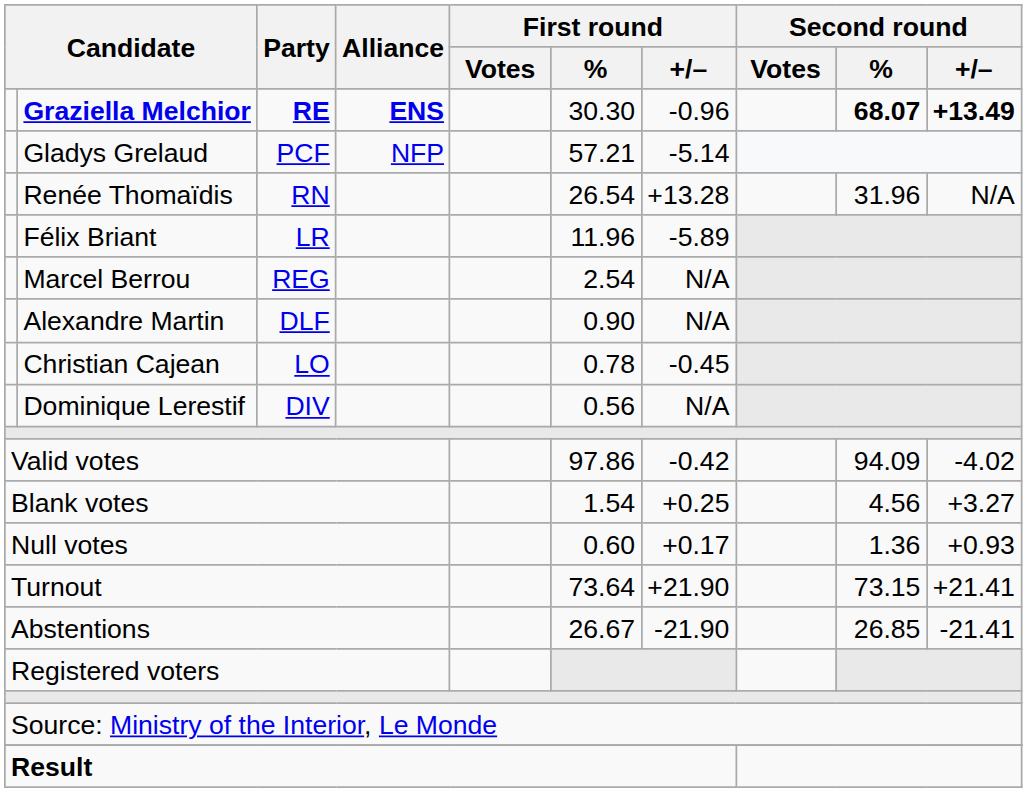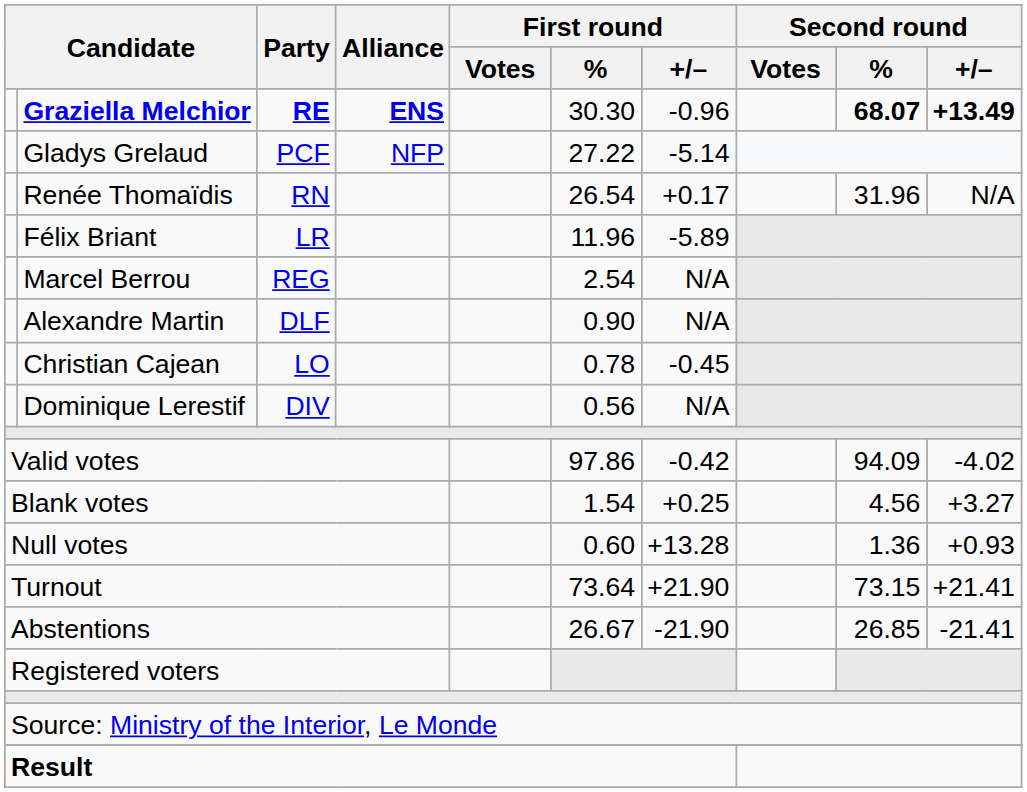 <table class="wikitable" style="text-align:right;font-size:95%;">
 <tr>
 <th rowspan="2" colspan="2">Candidate</th>
 <th rowspan="2">Party</th>
 <th rowspan="2">Alliance</th>
 <th colspan="3">First round</th>
 <th colspan="3">Second round</th>
 </tr>
 <tr>
 <th style="width:50px;">Votes</th>
 <th style="width:45px;">%</th>
 <th style="width:45px;">+/–</th>
 <th style="width:50px;">Votes</th>
 <th style="width:45px;">%</th>
 <th style="width:45px;">+/–</th>
 </tr>
 <tr>
 <td style="color:inherit;background:"></td>
 <td style="text-align:left;"><strong><a href='#'>Graziella Melchior</a></strong></td>
 <td><a href='#'><strong>RE</strong></a></td>
 <td><a href='#'><strong>ENS</strong></a></td>
 <td></td>
 <td>30.30</td>
 <td>-0.96</td>
 <td><strong></strong></td>
 <td><strong>68.07</strong></td>
 <td><strong>+13.49</strong></td>
 </tr>
 <tr>
 <td style="color:inherit;background:"></td>
 <td style="text-align:left;">Gladys Grelaud</td>
 <td><a href='#'>PCF</a></td>
 <td><a href='#'>NFP</a></td>
 <td></td>
-<td>57.21</td>
+<td>27.22</td>
 <td>-5.14</td>
 <td colspan="3" style="background:#F8F9FA;"></td>
 </tr>
 <tr>
 <td style="color:inherit;background:"></td>
 <td style="text-align:left;">Renée Thomaïdis</td>
 <td><a href='#'>RN</a></td>
 <td></td>
 <td></td>
 <td>26.54</td>
-<td>+13.28</td>
+<td>+0.17</td>
 <td></td>
 <td>31.96</td>
 <td>N/A</td>
 </tr>
 <tr>
 <td style="color:inherit;background:"></td>
 <td style="text-align:left;">Félix Briant</td>
 <td><a href='#'>LR</a></td>
 <td></td>
 <td></td>
 <td>11.96</td>
 <td>-5.89</td>
 <td colspan="3" style="background:#E9E9E9;"></td>
 </tr>
 <tr>
 <td style="color:inherit;background:"></td>
 <td style="text-align:left;">Marcel Berrou</td>
 <td><a href='#'>REG</a></td>
 <td></td>
 <td></td>
 <td>2.54</td>
 <td>N/A</td>
 <td colspan="3" style="background:#E9E9E9;"></td>
 </tr>
 <tr>
 <td style="color:inherit;background:"></td>
 <td style="text-align:left;">Alexandre Martin</td>
 <td><a href='#'>DLF</a></td>
 <td></td>
 <td></td>
 <td>0.90</td>
 <td>N/A</td>
 <td colspan="3" style="background:#E9E9E9;"></td>
 </tr>
 <tr>
 <td style="color:inherit;background:"></td>
 <td style="text-align:left;">Christian Cajean</td>
 <td><a href='#'>LO</a></td>
 <td></td>
 <td></td>
 <td>0.78</td>
 <td>-0.45</td>
 <td colspan="3" style="background:#E9E9E9;"></td>
 </tr>
 <tr>
 <td style="color:inherit;background:"></td>
 <td style="text-align:left;">Dominique Lerestif</td>
 <td><a href='#'>DIV</a></td>
 <td></td>
 <td></td>
 <td>0.56</td>
 <td>N/A</td>
 <td colspan="3" style="background:#E9E9E9;"></td>
 </tr>
 <tr>
 <td colspan="10" style="background:#E9E9E9;"></td>
 </tr>
 <tr>
 <td colspan="4" style="text-align:left;">Valid votes</td>
 <td></td>
 <td>97.86</td>
 <td>-0.42</td>
 <td></td>
 <td>94.09</td>
 <td>-4.02</td>
 </tr>
 <tr>
 <td colspan="4" style="text-align:left;">Blank votes</td>
 <td></td>
 <td>1.54</td>
 <td>+0.25</td>
 <td></td>
 <td>4.56</td>
 <td>+3.27</td>
 </tr>
 <tr>
 <td colspan="4" style="text-align:left;">Null votes</td>
 <td></td>
 <td>0.60</td>
-<td>+0.17</td>
+<td>+13.28</td>
 <td></td>
 <td>1.36</td>
 <td>+0.93</td>
 </tr>
 <tr>
 <td colspan="4" style="text-align:left;">Turnout</td>
 <td></td>
 <td>73.64</td>
 <td>+21.90</td>
 <td></td>
 <td>73.15</td>
 <td>+21.41</td>
 </tr>
 <tr>
 <td colspan="4" style="text-align:left;">Abstentions</td>
 <td></td>
 <td>26.67</td>
 <td>-21.90</td>
 <td></td>
 <td>26.85</td>
 <td>-21.41</td>
 </tr>
 <tr>
 <td colspan="4" style="text-align:left;">Registered voters</td>
 <td></td>
 <td colspan="2" style="background:#E9E9E9;"></td>
 <td></td>
 <td colspan="2" style="background:#E9E9E9;"></td>
 </tr>
 <tr>
 <td colspan="10" style="background:#E9E9E9;"></td>
 </tr>
 <tr>
 <td colspan="10" style="text-align:left;">Source: <a href='#'>Ministry of the Interior</a>, <a href='#'>Le Monde</a></td>
 </tr>
 <tr>
 </tr>
 <tr style="font-weight:bold">
 <td colspan="7" style="text-align:left;">Result</td>
 <td colspan="7" style="background-color:"></td>
 </tr>
 </table>
